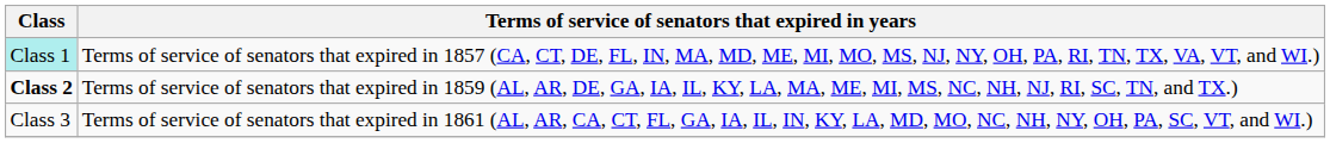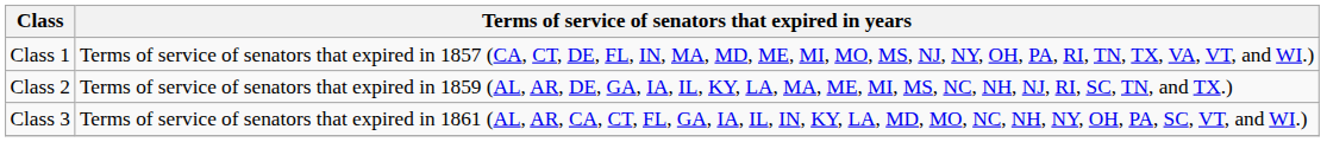 <table class="wikitable sortable">
 <tr valign=bottom>
 <th>Class</th>
 <th>Terms of service of senators that expired in years</th>
 </tr>
 <tr>
-<td style="background: paleturquoise;">Class 1</td>
+<td>Class 1</td>
 <td>Terms of service of senators that expired in 1857 (<a href='#'>CA</a>, <a href='#'>CT</a>, <a href='#'>DE</a>, <a href='#'>FL</a>, <a href='#'>IN</a>, <a href='#'>MA</a>, <a href='#'>MD</a>, <a href='#'>ME</a>,  <a href='#'>MI</a>, <a href='#'>MO</a>, <a href='#'>MS</a>, <a href='#'>NJ</a>, <a href='#'>NY</a>, <a href='#'>OH</a>, <a href='#'>PA</a>, <a href='#'>RI</a>, <a href='#'>TN</a>, <a href='#'>TX</a>, <a href='#'>VA</a>, <a href='#'>VT</a>, and <a href='#'>WI</a>.)</td>
 </tr>
 <tr>
-<td><strong>Class 2</strong></td>
+<td>Class 2</td>
 <td>Terms of service of senators that expired in 1859 (<a href='#'>AL</a>, <a href='#'>AR</a>, <a href='#'>DE</a>, <a href='#'>GA</a>, <a href='#'>IA</a>, <a href='#'>IL</a>, <a href='#'>KY</a>, <a href='#'>LA</a>, <a href='#'>MA</a>, <a href='#'>ME</a>, <a href='#'>MI</a>, <a href='#'>MS</a>, <a href='#'>NC</a>, <a href='#'>NH</a>, <a href='#'>NJ</a>, <a href='#'>RI</a>, <a href='#'>SC</a>, <a href='#'>TN</a>, and <a href='#'>TX</a>.)</td>
 </tr>
 <tr>
 <td>Class 3</td>
 <td>Terms of service of senators that expired in 1861 (<a href='#'>AL</a>, <a href='#'>AR</a>, <a href='#'>CA</a>, <a href='#'>CT</a>, <a href='#'>FL</a>, <a href='#'>GA</a>, <a href='#'>IA</a>, <a href='#'>IL</a>, <a href='#'>IN</a>, <a href='#'>KY</a>, <a href='#'>LA</a>, <a href='#'>MD</a>, <a href='#'>MO</a>, <a href='#'>NC</a>, <a href='#'>NH</a>, <a href='#'>NY</a>, <a href='#'>OH</a>, <a href='#'>PA</a>, <a href='#'>SC</a>, <a href='#'>VT</a>, and <a href='#'>WI</a>.)</td>
 </tr>
 <tr>
 </tr>
 </table>
